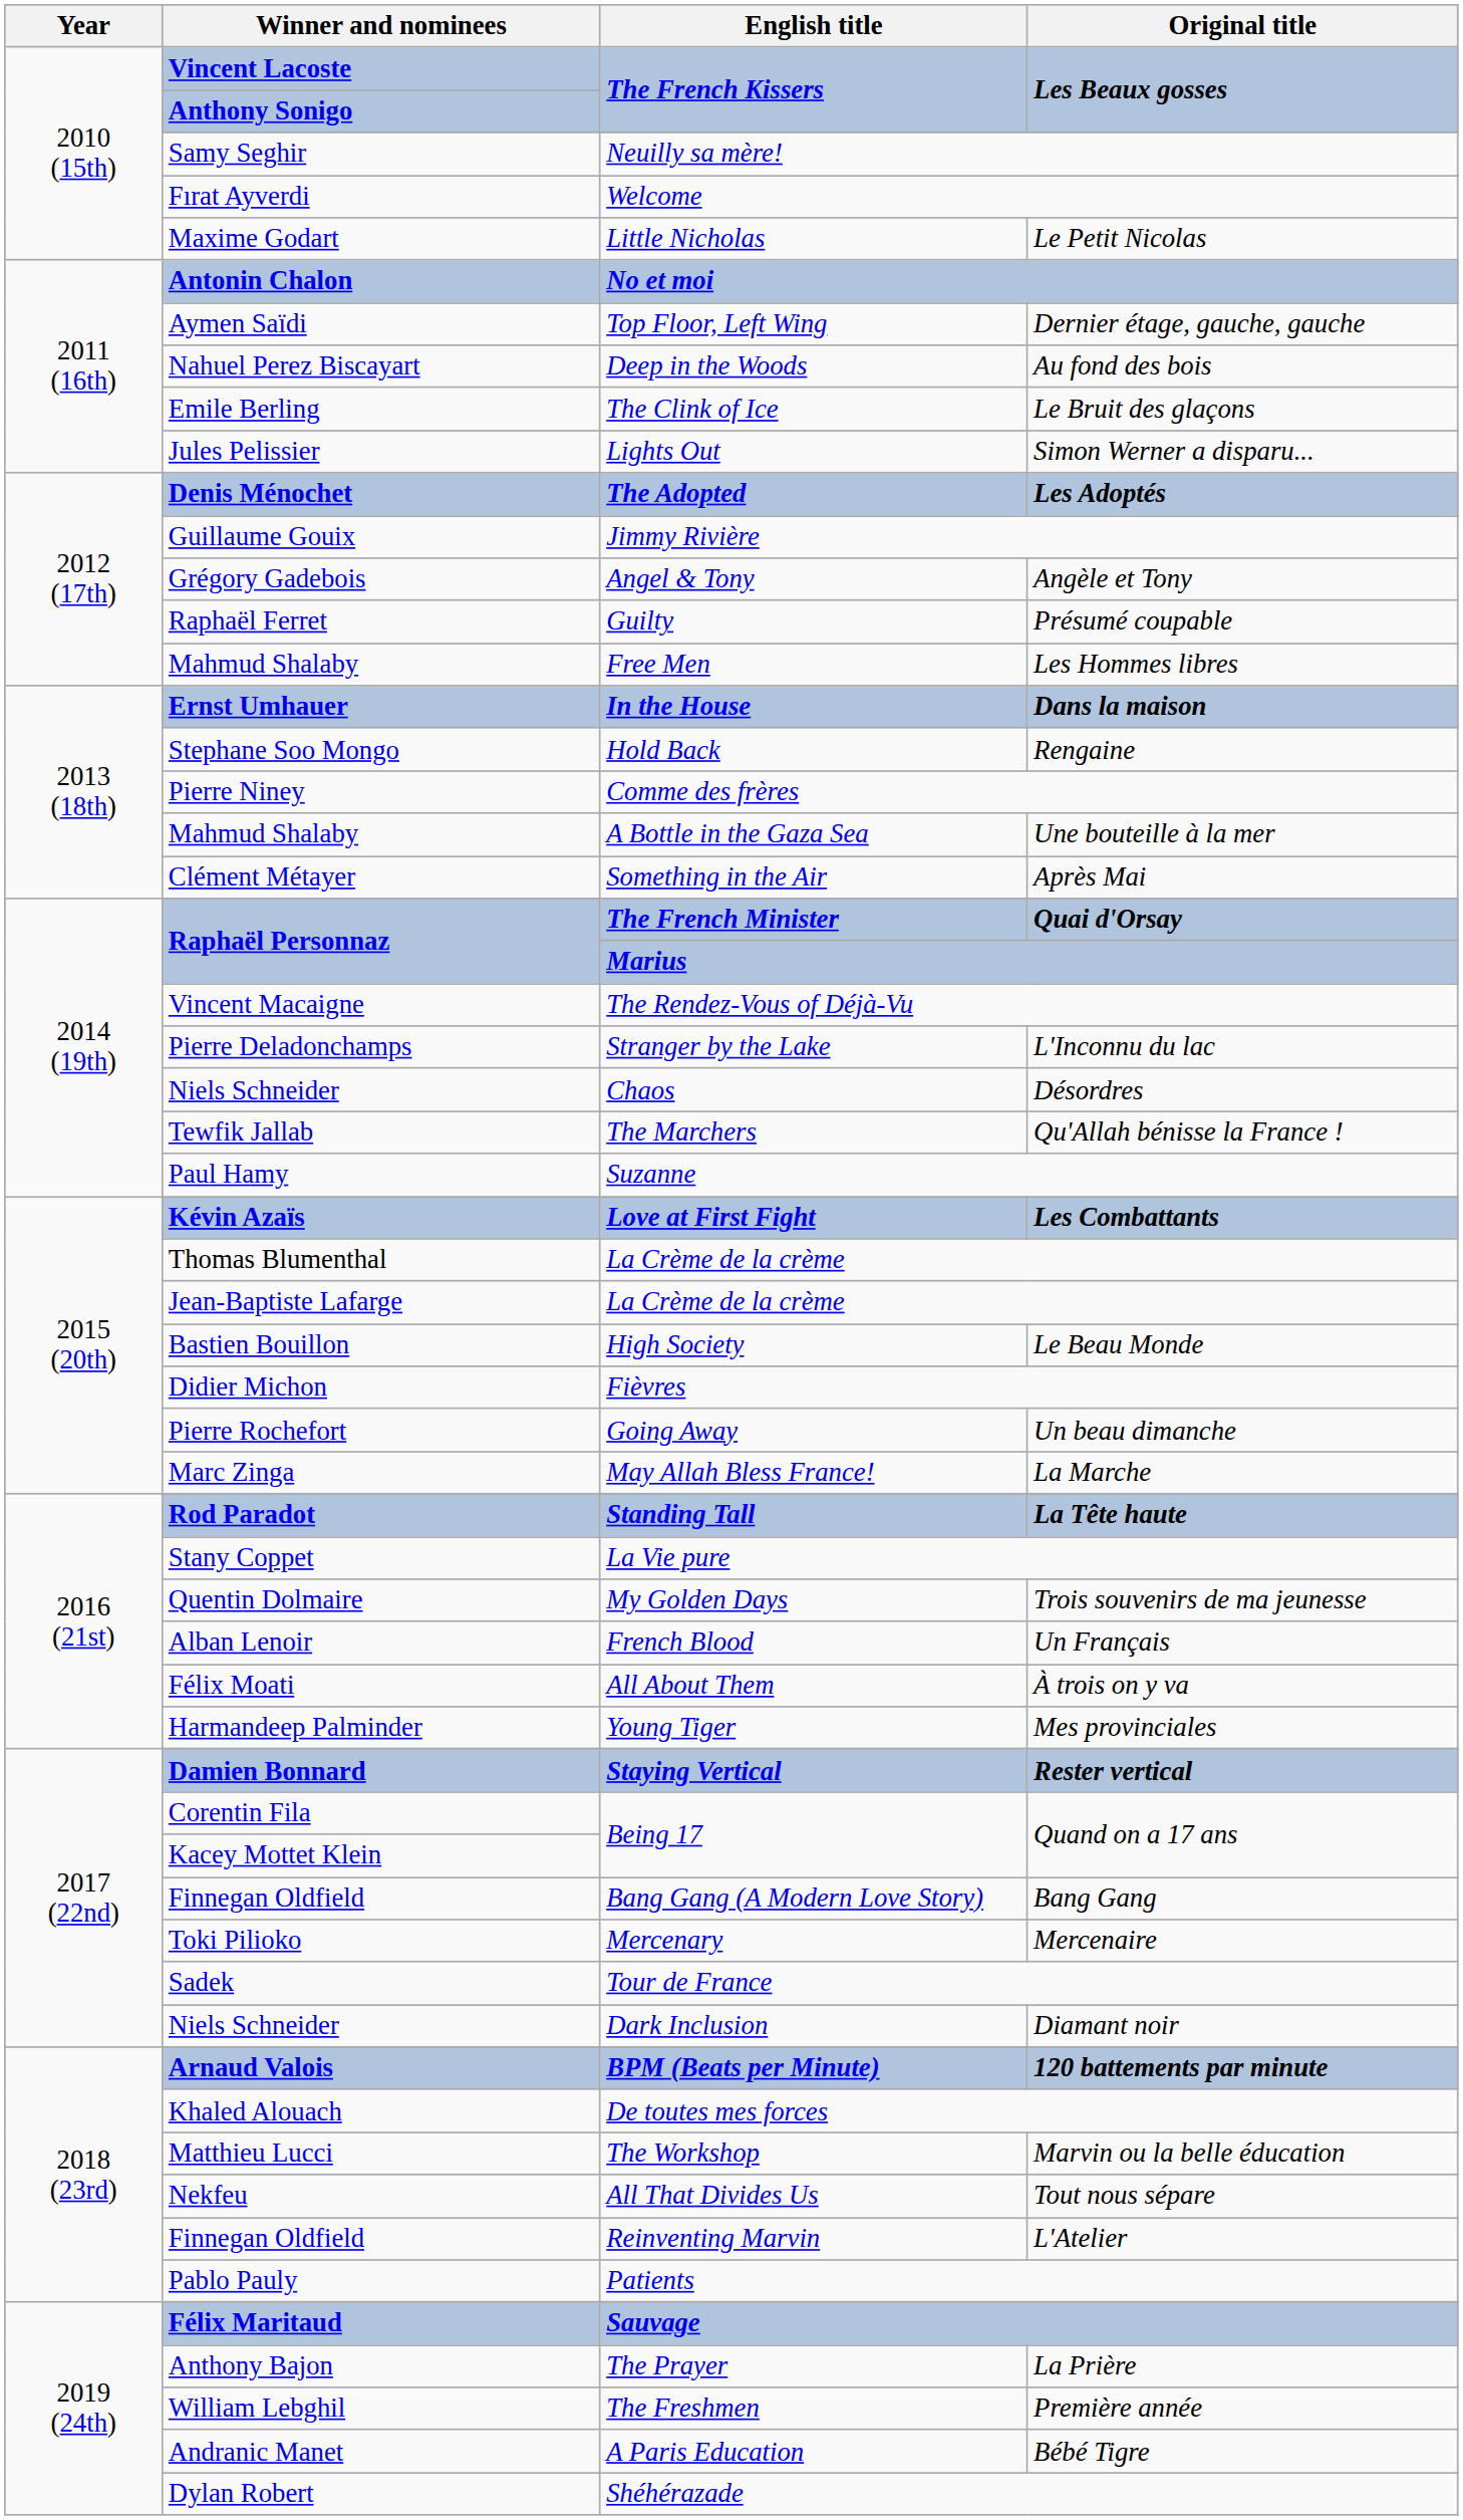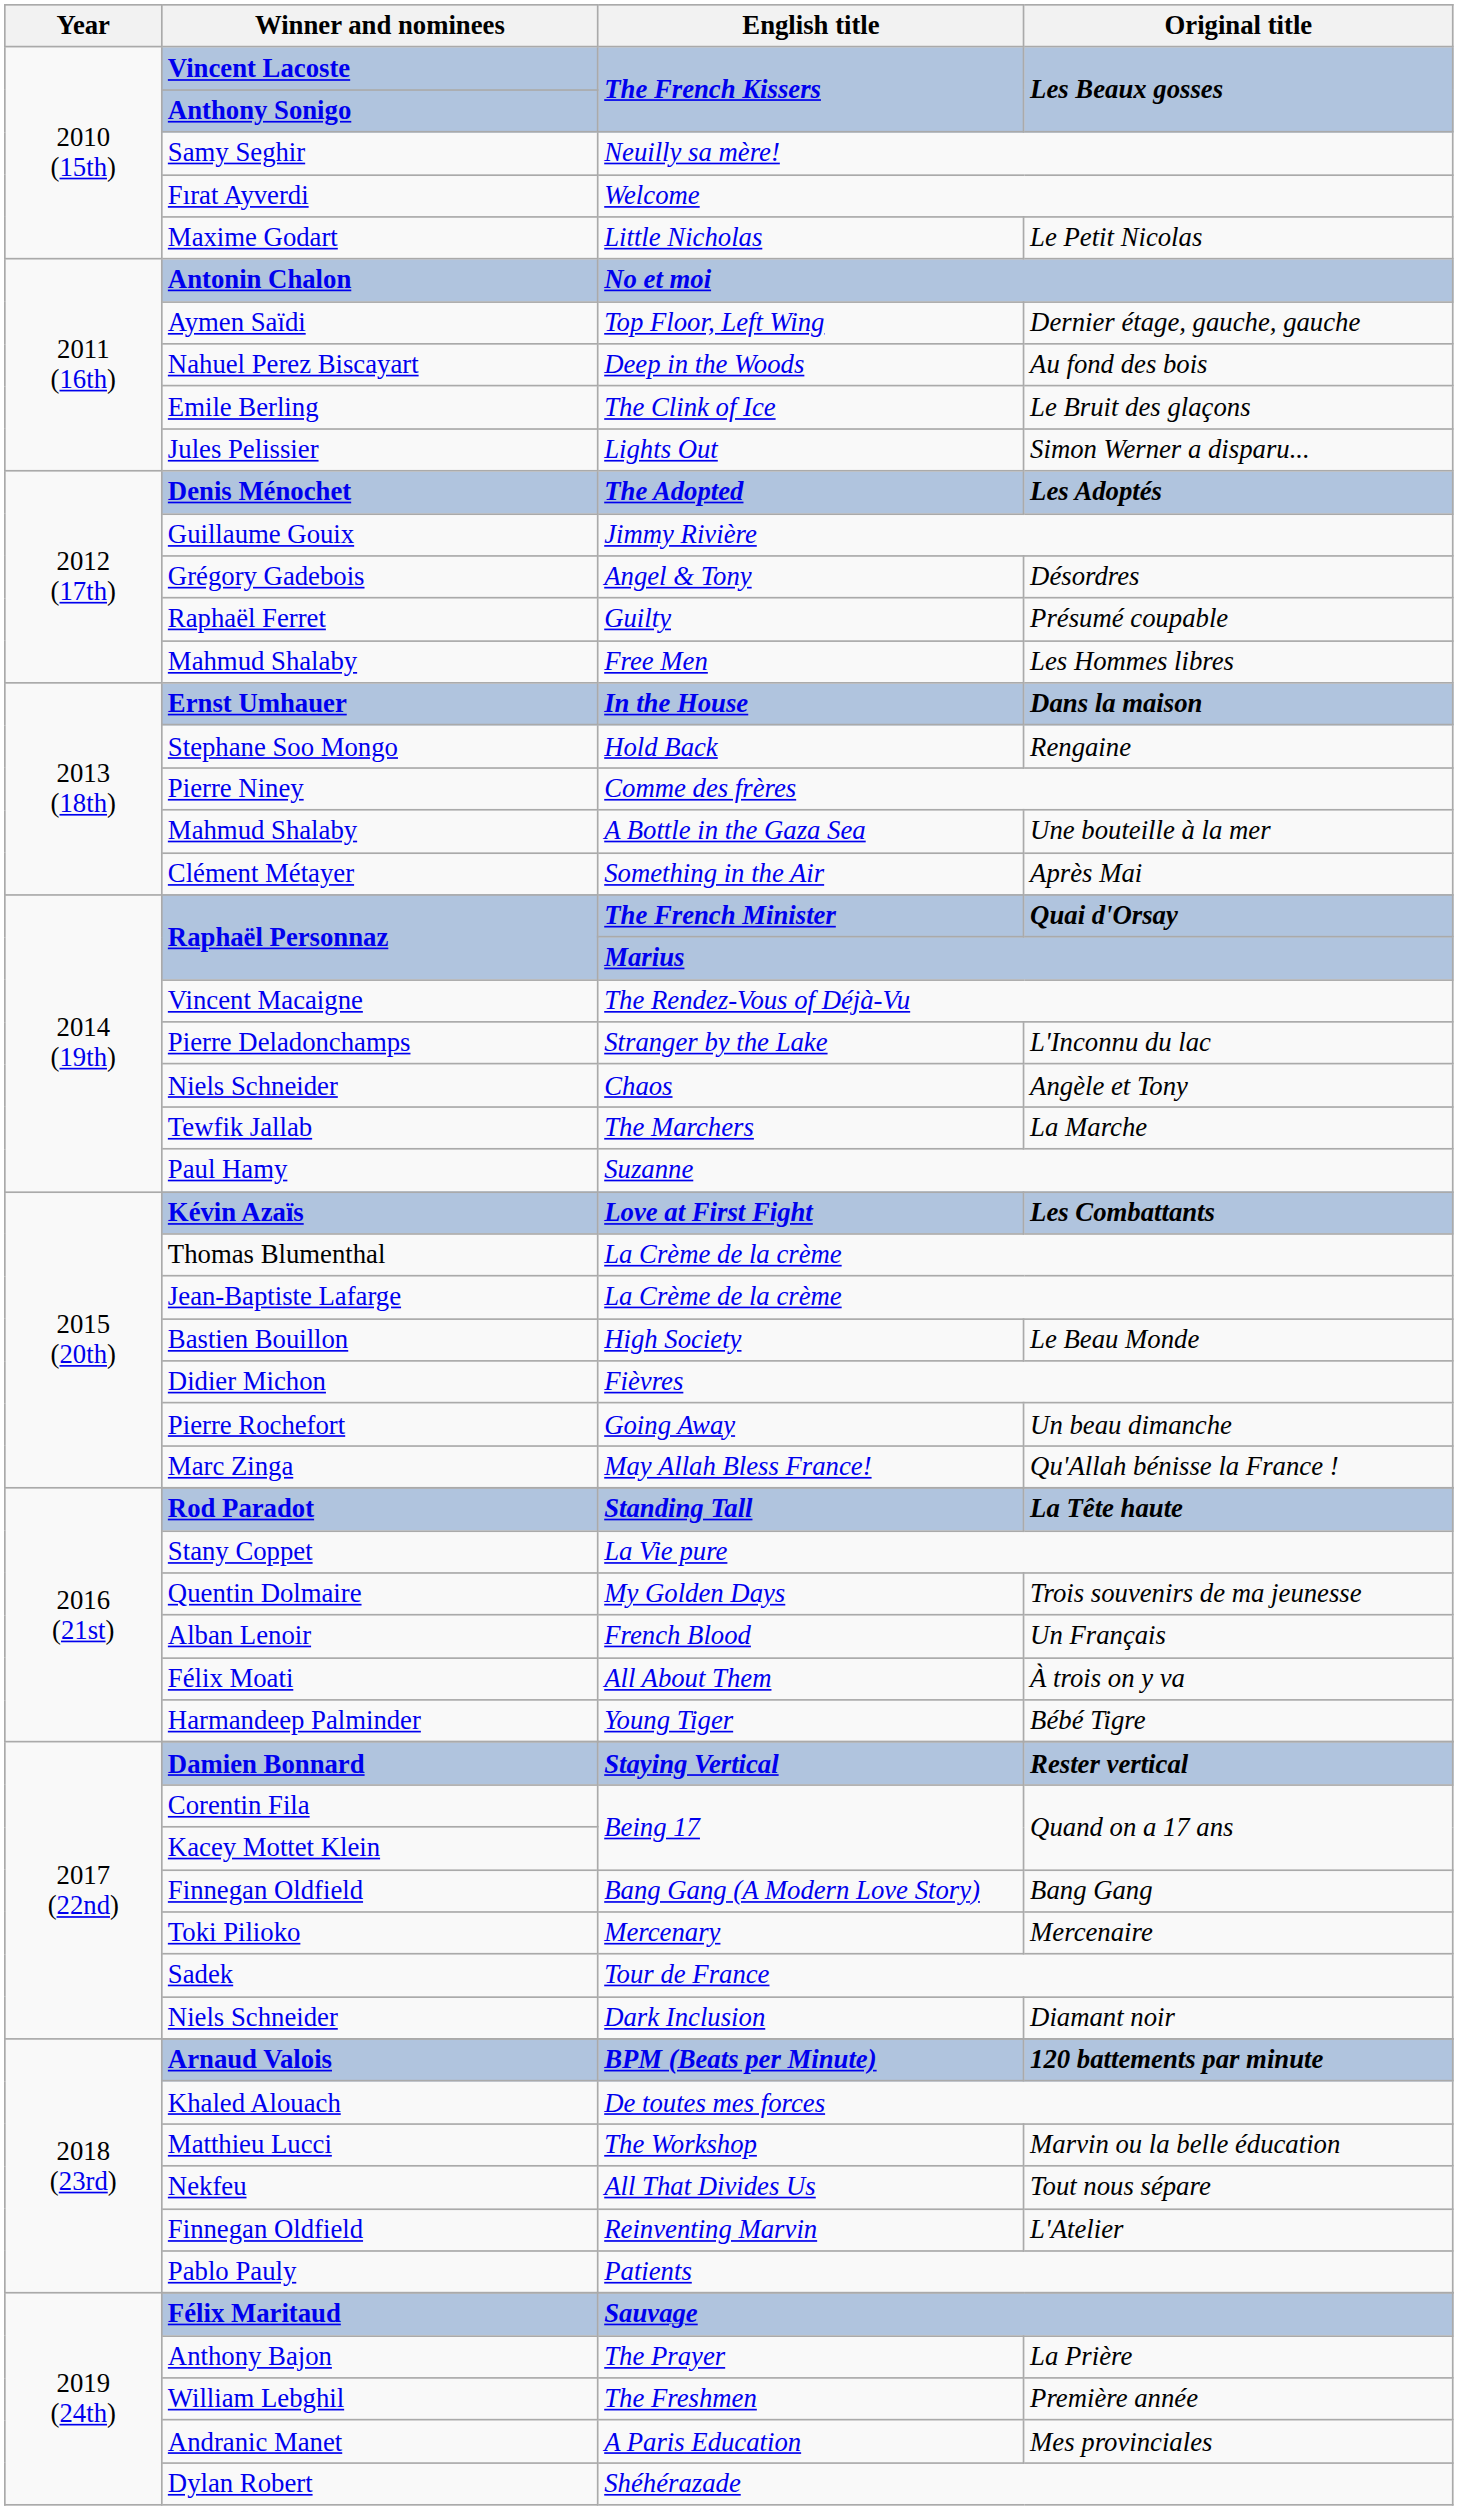 <table class="wikitable">
 <tr>
 <th width="100"><strong>Year</strong></th>
 <th width="300"><strong>Winner and nominees</strong></th>
 <th width="300"><strong>English title</strong></th>
 <th width="300"><strong>Original title</strong></th>
 </tr>
 <tr>
 <td rowspan="5" style="text-align:center;">2010<br>(<a href='#'>15th</a>)</td>
 <td style="background:#B0C4DE;"><strong><a href='#'>Vincent Lacoste</a></strong></td>
 <td rowspan="2" style="background:#B0C4DE;"><strong><em><a href='#'>The French Kissers</a></em></strong></td>
 <td rowspan="2" style="background:#B0C4DE;"><strong><em>Les Beaux gosses</em></strong></td>
 </tr>
 <tr>
 <td style="background:#B0C4DE;"><strong><a href='#'>Anthony Sonigo</a></strong></td>
 </tr>
 <tr>
 <td><a href='#'>Samy Seghir</a></td>
 <td colspan="2"><em><a href='#'>Neuilly sa mère!</a></em></td>
 </tr>
 <tr>
 <td><a href='#'>Fırat Ayverdi</a></td>
 <td colspan="2"><em><a href='#'>Welcome</a></em></td>
 </tr>
 <tr>
 <td><a href='#'>Maxime Godart</a></td>
 <td><em><a href='#'>Little Nicholas</a></em></td>
 <td><em>Le Petit Nicolas</em></td>
 </tr>
 <tr>
 <td rowspan="5" style="text-align:center;">2011<br>(<a href='#'>16th</a>)</td>
 <td style="background:#B0C4DE;"><strong><a href='#'>Antonin Chalon</a></strong></td>
 <td colspan="2" style="background:#B0C4DE;"><strong><em><a href='#'>No et moi</a></em></strong></td>
 </tr>
 <tr>
 <td><a href='#'>Aymen Saïdi</a></td>
 <td><em><a href='#'>Top Floor, Left Wing</a></em></td>
 <td><em>Dernier étage, gauche, gauche</em></td>
 </tr>
 <tr>
 <td><a href='#'>Nahuel Perez Biscayart</a></td>
 <td><em><a href='#'>Deep in the Woods</a></em></td>
 <td><em>Au fond des bois</em></td>
 </tr>
 <tr>
 <td><a href='#'>Emile Berling</a></td>
 <td><em><a href='#'>The Clink of Ice</a></em></td>
 <td><em>Le Bruit des glaçons</em></td>
 </tr>
 <tr>
 <td><a href='#'>Jules Pelissier</a></td>
 <td><em><a href='#'>Lights Out</a></em></td>
 <td><em>Simon Werner a disparu...</em></td>
 </tr>
 <tr>
 <td rowspan="5" style="text-align:center;">2012<br>(<a href='#'>17th</a>)</td>
 <td style="background:#B0C4DE;"><strong><a href='#'>Denis Ménochet</a></strong></td>
 <td style="background:#B0C4DE;"><strong><em><a href='#'>The Adopted</a></em></strong></td>
 <td style="background:#B0C4DE;"><strong><em>Les Adoptés</em></strong></td>
 </tr>
 <tr>
 <td><a href='#'>Guillaume Gouix</a></td>
 <td colspan="2"><em><a href='#'>Jimmy Rivière</a></em></td>
 </tr>
 <tr>
 <td><a href='#'>Grégory Gadebois</a></td>
 <td><em><a href='#'>Angel & Tony</a></em></td>
-<td><em>Angèle et Tony</em></td>
+<td><em>Désordres</em></td>
 </tr>
 <tr>
 <td><a href='#'>Raphaël Ferret</a></td>
 <td><em><a href='#'>Guilty</a></em></td>
 <td><em>Présumé coupable</em></td>
 </tr>
 <tr>
 <td><a href='#'>Mahmud Shalaby</a></td>
 <td><em><a href='#'>Free Men</a></em></td>
 <td><em>Les Hommes libres</em></td>
 </tr>
 <tr>
 <td rowspan="5" style="text-align:center;">2013<br>(<a href='#'>18th</a>)</td>
 <td style="background:#B0C4DE;"><strong><a href='#'>Ernst Umhauer</a></strong></td>
 <td style="background:#B0C4DE;"><strong><em><a href='#'>In the House</a></em></strong></td>
 <td style="background:#B0C4DE;"><strong><em>Dans la maison</em></strong></td>
 </tr>
 <tr>
 <td><a href='#'>Stephane Soo Mongo</a></td>
 <td><em><a href='#'>Hold Back</a></em></td>
 <td><em>Rengaine</em></td>
 </tr>
 <tr>
 <td><a href='#'>Pierre Niney</a></td>
 <td colspan="2"><em><a href='#'>Comme des frères</a></em></td>
 </tr>
 <tr>
 <td><a href='#'>Mahmud Shalaby</a></td>
 <td><em><a href='#'>A Bottle in the Gaza Sea</a></em></td>
 <td><em>Une bouteille à la mer</em></td>
 </tr>
 <tr>
 <td><a href='#'>Clément Métayer</a></td>
 <td><em><a href='#'>Something in the Air</a></em></td>
 <td><em>Après Mai</em></td>
 </tr>
 <tr>
 <td rowspan="7" style="text-align:center;">2014<br>(<a href='#'>19th</a>)</td>
 <td rowspan="2" style="background:#B0C4DE;"><strong><a href='#'>Raphaël Personnaz</a></strong></td>
 <td style="background:#B0C4DE;"><strong><em><a href='#'>The French Minister</a></em></strong></td>
 <td style="background:#B0C4DE;"><strong><em>Quai d'Orsay</em></strong></td>
 </tr>
 <tr>
 <td colspan="2" style="background:#B0C4DE;"><strong><em><a href='#'>Marius</a></em></strong></td>
 </tr>
 <tr>
 <td><a href='#'>Vincent Macaigne</a></td>
 <td colspan="2"><em><a href='#'>The Rendez-Vous of Déjà-Vu</a></em></td>
 </tr>
 <tr>
 <td><a href='#'>Pierre Deladonchamps</a></td>
 <td><em><a href='#'>Stranger by the Lake</a></em></td>
 <td><em>L'Inconnu du lac</em></td>
 </tr>
 <tr>
 <td><a href='#'>Niels Schneider</a></td>
 <td><em><a href='#'>Chaos</a></em></td>
-<td><em>Désordres</em></td>
+<td><em>Angèle et Tony</em></td>
 </tr>
 <tr>
 <td><a href='#'>Tewfik Jallab</a></td>
 <td><em><a href='#'>The Marchers</a></em></td>
-<td><em>Qu'Allah bénisse la France !</em></td>
+<td><em>La Marche</em></td>
 </tr>
 <tr>
 <td><a href='#'>Paul Hamy</a></td>
 <td colspan="2"><em><a href='#'>Suzanne</a></em></td>
 </tr>
 <tr>
 <td rowspan="7" style="text-align:center;">2015<br>(<a href='#'>20th</a>)</td>
 <td style="background:#B0C4DE;"><strong><a href='#'>Kévin Azaïs</a></strong></td>
 <td style="background:#B0C4DE;"><strong><em><a href='#'>Love at First Fight</a></em></strong></td>
 <td style="background:#B0C4DE;"><strong><em>Les Combattants</em></strong></td>
 </tr>
 <tr>
 <td>Thomas Blumenthal</td>
 <td colspan="2"><em><a href='#'>La Crème de la crème</a></em></td>
 </tr>
 <tr>
 <td><a href='#'>Jean-Baptiste Lafarge</a></td>
 <td colspan="2"><em><a href='#'>La Crème de la crème</a></em></td>
 </tr>
 <tr>
 <td><a href='#'>Bastien Bouillon</a></td>
 <td><em><a href='#'>High Society</a></em></td>
 <td><em>Le Beau Monde</em></td>
 </tr>
 <tr>
 <td><a href='#'>Didier Michon</a></td>
 <td colspan="2"><em><a href='#'>Fièvres</a></em></td>
 </tr>
 <tr>
 <td><a href='#'>Pierre Rochefort</a></td>
 <td><em><a href='#'>Going Away</a></em></td>
 <td><em>Un beau dimanche</em></td>
 </tr>
 <tr>
 <td><a href='#'>Marc Zinga</a></td>
 <td><em><a href='#'>May Allah Bless France!</a></em></td>
-<td><em>La Marche</em></td>
+<td><em>Qu'Allah bénisse la France !</em></td>
 </tr>
 <tr>
 <td rowspan="7" style="text-align:center;">2016<br>(<a href='#'>21st</a>)</td>
 </tr>
 <tr>
 <td style="background:#B0C4DE;"><strong><a href='#'>Rod Paradot</a></strong></td>
 <td style="background:#B0C4DE;"><strong><em><a href='#'>Standing Tall</a></em></strong></td>
 <td style="background:#B0C4DE;"><strong><em>La Tête haute</em></strong></td>
 </tr>
 <tr>
 <td><a href='#'>Stany Coppet</a></td>
 <td colspan="2"><em><a href='#'>La Vie pure</a></em></td>
 </tr>
 <tr>
 <td><a href='#'>Quentin Dolmaire</a></td>
 <td><em><a href='#'>My Golden Days</a></em></td>
 <td><em>Trois souvenirs de ma jeunesse</em></td>
 </tr>
 <tr>
 <td><a href='#'>Alban Lenoir</a></td>
 <td><em><a href='#'>French Blood</a></em></td>
 <td><em>Un Français</em></td>
 </tr>
 <tr>
 <td><a href='#'>Félix Moati</a></td>
 <td><em><a href='#'>All About Them</a></em></td>
 <td><em>À trois on y va</em></td>
 </tr>
 <tr>
 <td><a href='#'>Harmandeep Palminder</a></td>
 <td><em><a href='#'>Young Tiger</a></em></td>
-<td><em>Mes provinciales</em></td>
+<td><em>Bébé Tigre</em></td>
 </tr>
 <tr>
 <td rowspan="8" style="text-align:center;">2017<br>(<a href='#'>22nd</a>)</td>
 </tr>
 <tr>
 <td style="background:#B0C4DE;"><strong><a href='#'>Damien Bonnard</a></strong></td>
 <td style="background:#B0C4DE;"><strong><em><a href='#'>Staying Vertical</a></em></strong></td>
 <td style="background:#B0C4DE;"><strong><em>Rester vertical</em></strong></td>
 </tr>
 <tr>
 <td><a href='#'>Corentin Fila</a></td>
 <td rowspan=2><em><a href='#'>Being 17</a></em></td>
 <td rowspan=2><em> Quand on a 17 ans</em></td>
 </tr>
 <tr>
 <td><a href='#'>Kacey Mottet Klein</a></td>
 </tr>
 <tr>
 <td><a href='#'>Finnegan Oldfield</a></td>
 <td><em><a href='#'>Bang Gang (A Modern Love Story)</a></em></td>
 <td><em>Bang Gang</em></td>
 </tr>
 <tr>
 <td><a href='#'>Toki Pilioko</a></td>
 <td><em><a href='#'>Mercenary</a></em></td>
 <td><em>Mercenaire</em></td>
 </tr>
 <tr>
 <td><a href='#'>Sadek</a></td>
 <td colspan="2"><em><a href='#'>Tour de France</a></em></td>
 </tr>
 <tr>
 <td><a href='#'>Niels Schneider</a></td>
 <td><em><a href='#'>Dark Inclusion</a></em></td>
 <td><em>Diamant noir</em></td>
 </tr>
 <tr>
 <td rowspan="7" style="text-align:center;">2018<br>(<a href='#'>23rd</a>)</td>
 </tr>
 <tr style="background:#B0C4DE;">
 <td><strong><a href='#'>Arnaud Valois</a></strong></td>
 <td><strong><em><a href='#'>BPM (Beats per Minute)</a></em></strong></td>
 <td><strong><em>120 battements par minute</em></strong></td>
 </tr>
 <tr>
 <td><a href='#'>Khaled Alouach</a></td>
 <td colspan=2><em><a href='#'>De toutes mes forces</a></em></td>
 </tr>
 <tr>
 <td><a href='#'>Matthieu Lucci</a></td>
 <td><em><a href='#'>The Workshop</a></em></td>
 <td><em>Marvin ou la belle éducation</em></td>
 </tr>
 <tr>
 <td><a href='#'>Nekfeu</a></td>
 <td><em><a href='#'>All That Divides Us</a></em></td>
 <td><em>Tout nous sépare</em></td>
 </tr>
 <tr>
 <td><a href='#'>Finnegan Oldfield</a></td>
 <td><em><a href='#'>Reinventing Marvin</a></em></td>
 <td><em>L'Atelier</em></td>
 </tr>
 <tr>
 <td><a href='#'>Pablo Pauly</a></td>
 <td colspan=2><em><a href='#'>Patients</a></em></td>
 </tr>
 <tr>
 <td rowspan="6" style="text-align:center;">2019<br>(<a href='#'>24th</a>)</td>
 </tr>
 <tr style="background:#B0C4DE;">
 <td><strong><a href='#'>Félix Maritaud</a></strong></td>
 <td colspan=2><strong><em><a href='#'>Sauvage</a></em></strong></td>
 </tr>
 <tr>
 <td><a href='#'>Anthony Bajon</a></td>
 <td><em><a href='#'>The Prayer</a></em></td>
 <td><em>La Prière</em></td>
 </tr>
 <tr>
 <td><a href='#'>William Lebghil</a></td>
 <td><em><a href='#'>The Freshmen</a></em></td>
 <td><em>Première année</em></td>
 </tr>
 <tr>
 <td><a href='#'>Andranic Manet</a></td>
 <td><em><a href='#'>A Paris Education</a></em></td>
-<td><em>Bébé Tigre</em></td>
+<td><em>Mes provinciales</em></td>
 </tr>
 <tr>
 <td><a href='#'>Dylan Robert</a></td>
 <td colspan=2><em><a href='#'>Shéhérazade</a></em></td>
 </tr>
 </table>
